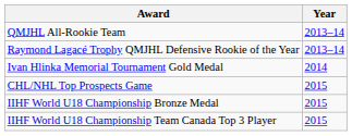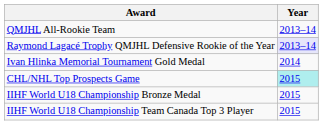 <table class="wikitable">
 <tr>
 <th>Award</th>
 <th>Year</th>
 </tr>
 <tr>
 <td><a href='#'>QMJHL</a> All-Rookie Team</td>
 <td><a href='#'>2013–14</a></td>
 </tr>
 <tr>
 <td><a href='#'>Raymond Lagacé Trophy</a> QMJHL Defensive Rookie of the Year</td>
-<td><a href='#'>2013–14</a></td>
+<td style="background: lavender;"><a href='#'>2013–14</a></td>
 </tr>
 <tr>
 <td><a href='#'>Ivan Hlinka Memorial Tournament</a> Gold Medal</td>
 <td><a href='#'>2014</a></td>
 </tr>
 <tr>
 <td><a href='#'>CHL/NHL Top Prospects Game</a></td>
-<td><a href='#'>2015</a></td>
+<td style="background: paleturquoise;"><a href='#'>2015</a></td>
 </tr>
 <tr>
 <td><a href='#'>IIHF World U18 Championship</a> Bronze Medal</td>
 <td><a href='#'>2015</a></td>
 </tr>
 <tr>
 <td><a href='#'>IIHF World U18 Championship</a> Team Canada Top 3 Player</td>
 <td><a href='#'>2015</a></td>
 </tr>
 </table>
